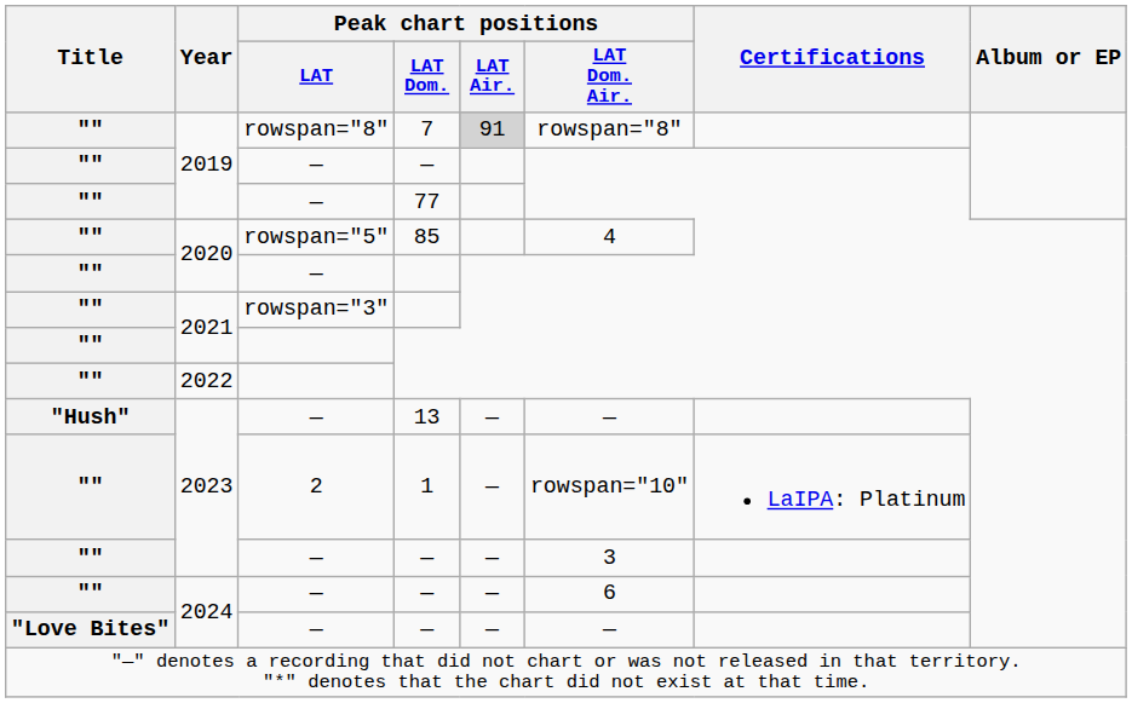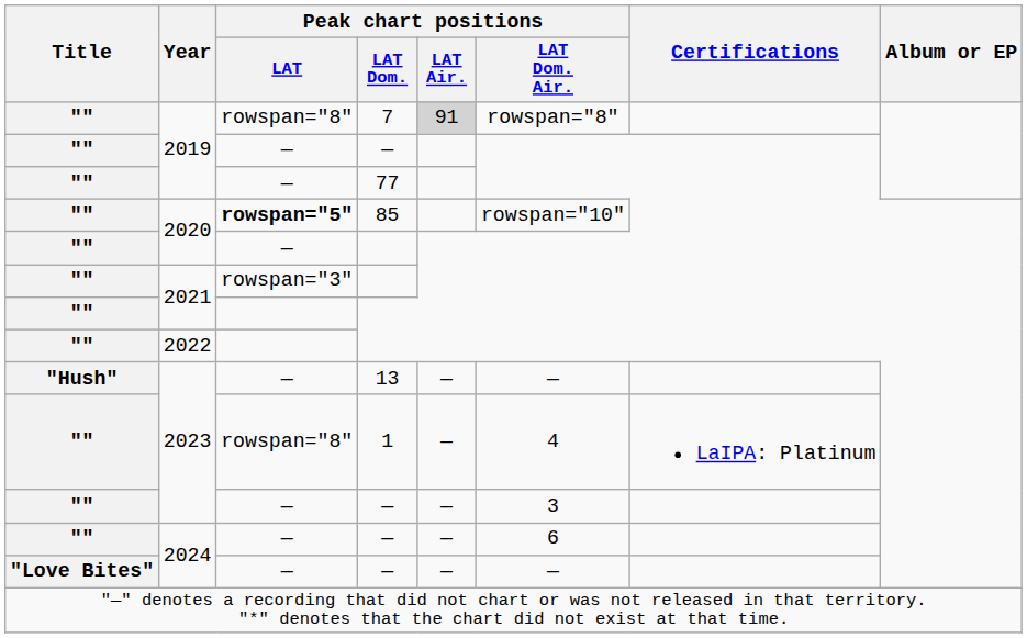 <table class="wikitable plainrowheaders" style="text-align:center;">
 <tr>
 <th scope="col" rowspan="2">Title</th>
 <th scope="col" rowspan="2">Year</th>
 <th scope="col" colspan="4">Peak chart positions</th>
 <th scope="col" rowspan="2"><a href='#'>Certifications</a></th>
 <th rowspan="2" scope="col">Album or EP</th>
 </tr>
 <tr>
 <th scope="col" style="width:3em;font-size:85%;"><a href='#'>LAT</a><br></th>
 <th scope="col" style="width:3em;font-size:85%;"><a href='#'>LAT<br>Dom.</a><br></th>
 <th scope="col" style="width:3em;font-size:85%;"><a href='#'>LAT<br>Air.</a><br></th>
 <th scope="col" style="width:3em;font-size:85%;"><a href='#'>LAT<br>Dom.<br>Air.</a><br></th>
 </tr>
 <tr>
 <th scope="row">""</th>
 <td rowspan="3">2019</td>
 <td>rowspan="8" </td>
 <td>7</td>
 <td style="background: lightgrey;">91</td>
 <td>rowspan="8" </td>
 <td></td>
 <td rowspan="3"></td>
 </tr>
 <tr>
 <th scope="row">""</th>
 <td>—</td>
 <td>—</td>
 <td></td>
 </tr>
 <tr>
 <th scope="row">""</th>
 <td>—</td>
 <td>77</td>
 <td></td>
 </tr>
 <tr>
 <th scope="row">""</th>
 <td rowspan="2">2020</td>
-<td>rowspan="5" </td>
+<td><strong>rowspan="5" </strong></td>
 <td>85</td>
 <td></td>
-<td>4</td>
+<td>rowspan="10" </td>
 </tr>
 <tr>
 <th scope="row">""</th>
 <td>—</td>
 <td></td>
 </tr>
 <tr>
 <th scope="row">""</th>
 <td rowspan="2">2021</td>
 <td>rowspan="3" </td>
 <td></td>
 </tr>
 <tr>
 <th scope="row">""<br></th>
 <td></td>
 </tr>
 <tr>
 <th scope="row">""</th>
 <td>2022</td>
 <td></td>
 </tr>
 <tr>
 <th scope="row">"Hush"</th>
 <td rowspan="3">2023</td>
 <td>—</td>
 <td>13</td>
 <td>—</td>
 <td>—</td>
 <td></td>
 </tr>
 <tr>
 <th scope="row">""<br></th>
-<td>2</td>
+<td>rowspan="8" </td>
 <td>1</td>
 <td>—</td>
-<td>rowspan="10" </td>
+<td>4</td>
 <td><br><ul><li><a href='#'>LaIPA</a>: Platinum</li></ul></td>
 </tr>
 <tr>
 <th scope="row">""</th>
 <td>—</td>
 <td>—</td>
 <td>—</td>
 <td>3</td>
 <td></td>
 </tr>
 <tr>
 <th scope="row">""</th>
 <td rowspan="2">2024</td>
 <td>—</td>
 <td>—</td>
 <td>—</td>
 <td>6</td>
 <td></td>
 </tr>
 <tr>
 <th scope="row">"Love Bites"</th>
 <td>—</td>
 <td>—</td>
 <td>—</td>
 <td>—</td>
 <td></td>
 </tr>
 <tr>
 <td colspan="8" style="font-size:85%">"—" denotes a recording that did not chart or was not released in that territory.<br>"*" denotes that the chart did not exist at that time.</td>
 </tr>
 </table>
